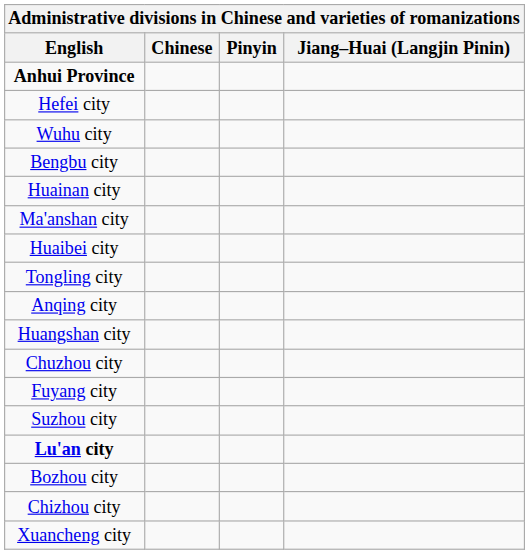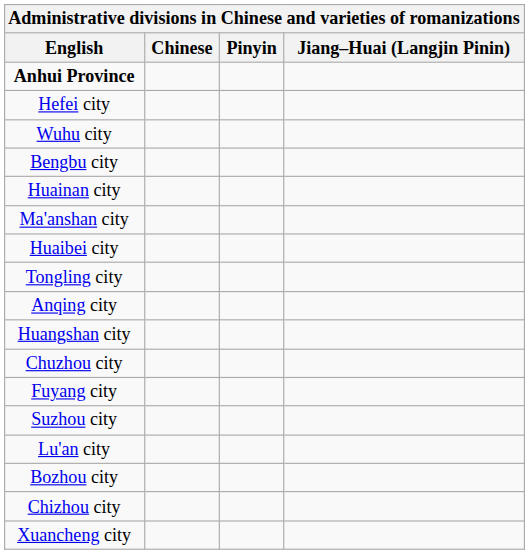 <table class="wikitable sortable collapsible collapsed" style="text-font:90%; width:auto; text-align:center; margin-left: auto; margin-right: auto;">
 <tr>
 <th colspan="5">Administrative divisions in Chinese and varieties of romanizations</th>
 </tr>
 <tr>
 <th>English</th>
 <th>Chinese</th>
 <th>Pinyin</th>
 <th>Jiang–Huai (Langjin Pinin)</th>
 </tr>
 <tr>
 <td><strong>Anhui Province</strong></td>
 <td></td>
 <td></td>
 <td></td>
 </tr>
 <tr>
 <td><a href='#'>Hefei</a> city</td>
 <td></td>
 <td></td>
 <td></td>
 </tr>
 <tr>
 <td><a href='#'>Wuhu</a> city</td>
 <td></td>
 <td></td>
 <td></td>
 </tr>
 <tr>
 <td><a href='#'>Bengbu</a> city</td>
 <td></td>
 <td></td>
 <td></td>
 </tr>
 <tr>
 <td><a href='#'>Huainan</a> city</td>
 <td></td>
 <td></td>
 <td></td>
 </tr>
 <tr>
 <td><a href='#'>Ma'anshan</a> city</td>
 <td></td>
 <td></td>
 <td></td>
 </tr>
 <tr>
 <td><a href='#'>Huaibei</a> city</td>
 <td></td>
 <td></td>
 <td></td>
 </tr>
 <tr>
 <td><a href='#'>Tongling</a> city</td>
 <td></td>
 <td></td>
 <td></td>
 </tr>
 <tr>
 <td><a href='#'>Anqing</a> city</td>
 <td></td>
 <td></td>
 <td></td>
 </tr>
 <tr>
 <td><a href='#'>Huangshan</a> city</td>
 <td></td>
 <td></td>
 <td></td>
 </tr>
 <tr>
 <td><a href='#'>Chuzhou</a> city</td>
 <td></td>
 <td></td>
 <td></td>
 </tr>
 <tr>
 <td><a href='#'>Fuyang</a> city</td>
 <td></td>
 <td></td>
 <td></td>
 </tr>
 <tr>
 <td><a href='#'>Suzhou</a> city</td>
 <td></td>
 <td></td>
 <td></td>
 </tr>
 <tr>
-<td><strong><a href='#'>Lu'an</a> city</strong></td>
+<td><a href='#'>Lu'an</a> city</td>
 <td></td>
 <td></td>
 <td></td>
 </tr>
 <tr>
 <td><a href='#'>Bozhou</a> city</td>
 <td></td>
 <td></td>
 <td></td>
 </tr>
 <tr>
 <td><a href='#'>Chizhou</a> city</td>
 <td></td>
 <td></td>
 <td></td>
 </tr>
 <tr>
 <td><a href='#'>Xuancheng</a> city</td>
 <td></td>
 <td></td>
 <td></td>
 </tr>
 </table>
